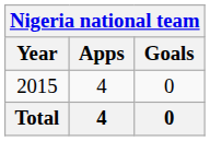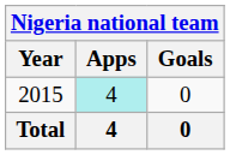 <table class="wikitable" style="text-align:center">
 <tr>
 <th colspan=3><a href='#'>Nigeria national team</a></th>
 </tr>
 <tr>
 <th>Year</th>
 <th>Apps</th>
 <th>Goals</th>
 </tr>
 <tr>
 <td>2015</td>
-<td>4</td>
+<td style="background: paleturquoise;">4</td>
 <td>0</td>
 </tr>
 <tr>
 <th>Total</th>
 <th>4</th>
 <th>0</th>
 </tr>
 </table>
